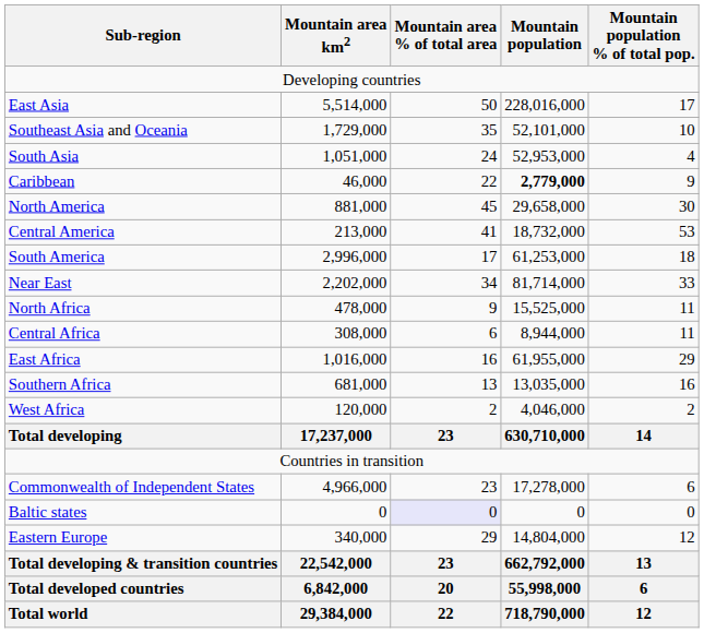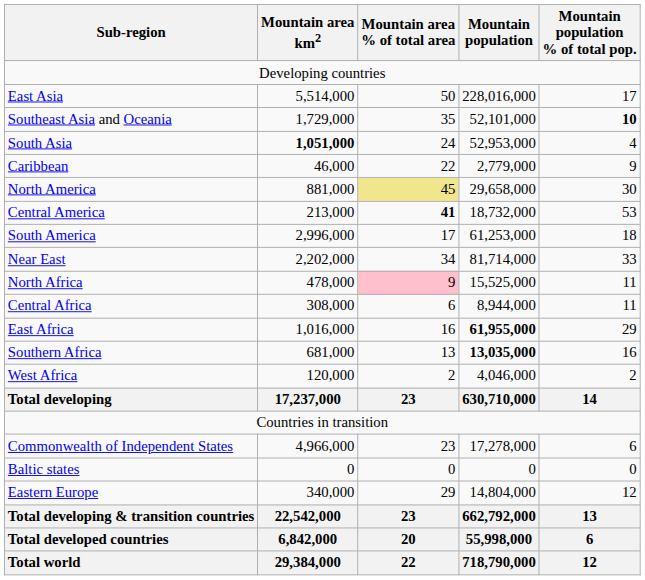 <table class=wikitable style="text-align:right;">
 <tr>
 <th>Sub-region</th>
 <th>Mountain area<br>km<sup>2</sup></th>
 <th>Mountain area <br> % of total area</th>
 <th>Mountain<br>population</th>
 <th>Mountain<br>population<br>% of total pop.</th>
 </tr>
 <tr>
 <td colspan=5 style="text-align:center;">Developing countries</td>
 </tr>
 <tr>
 <td style="text-align:left;"><a href='#'>East Asia</a></td>
 <td>5,514,000</td>
 <td>50</td>
 <td>228,016,000</td>
 <td>17</td>
 </tr>
 <tr>
 <td style="text-align:left;"><a href='#'>Southeast Asia</a> and <a href='#'>Oceania</a></td>
 <td>1,729,000</td>
 <td>35</td>
 <td>52,101,000</td>
-<td>10</td>
+<td><strong>10</strong></td>
 </tr>
 <tr>
 <td style="text-align:left;"><a href='#'>South Asia</a></td>
-<td>1,051,000</td>
+<td><strong>1,051,000</strong></td>
 <td>24</td>
 <td>52,953,000</td>
 <td>4</td>
 </tr>
 <tr>
 <td style="text-align:left;"><a href='#'>Caribbean</a></td>
 <td>46,000</td>
 <td>22</td>
-<td><strong>2,779,000</strong></td>
+<td>2,779,000</td>
 <td>9</td>
 </tr>
 <tr>
 <td style="text-align:left;"><a href='#'>North America</a></td>
 <td>881,000</td>
-<td>45</td>
+<td style="background: khaki;">45</td>
 <td>29,658,000</td>
 <td>30</td>
 </tr>
 <tr>
 <td style="text-align:left;"><a href='#'>Central America</a></td>
 <td>213,000</td>
-<td>41</td>
+<td><strong>41</strong></td>
 <td>18,732,000</td>
 <td>53</td>
 </tr>
 <tr>
 <td style="text-align:left;"><a href='#'>South America</a></td>
 <td>2,996,000</td>
 <td>17</td>
 <td>61,253,000</td>
 <td>18</td>
 </tr>
 <tr>
 <td style="text-align:left;"><a href='#'>Near East</a></td>
 <td>2,202,000</td>
 <td>34</td>
 <td>81,714,000</td>
 <td>33</td>
 </tr>
 <tr>
 <td style="text-align:left;"><a href='#'>North Africa</a></td>
 <td>478,000</td>
-<td>9</td>
+<td style="background: pink;">9</td>
 <td>15,525,000</td>
 <td>11</td>
 </tr>
 <tr>
 <td style="text-align:left;"><a href='#'>Central Africa</a></td>
 <td>308,000</td>
 <td>6</td>
 <td>8,944,000</td>
 <td>11</td>
 </tr>
 <tr>
 <td style="text-align:left;"><a href='#'>East Africa</a></td>
 <td>1,016,000</td>
 <td>16</td>
-<td>61,955,000</td>
+<td><strong>61,955,000</strong></td>
 <td>29</td>
 </tr>
 <tr>
 <td style="text-align:left;"><a href='#'>Southern Africa</a></td>
 <td>681,000</td>
 <td>13</td>
-<td>13,035,000</td>
+<td><strong>13,035,000</strong></td>
 <td>16</td>
 </tr>
 <tr>
 <td style="text-align:left;"><a href='#'>West Africa</a></td>
 <td>120,000</td>
 <td>2</td>
 <td>4,046,000</td>
 <td>2</td>
 </tr>
 <tr>
 <th style="text-align:left;">Total developing</th>
 <th>17,237,000</th>
 <th>23</th>
 <th>630,710,000</th>
 <th>14</th>
 </tr>
 <tr>
 <td colspan=5 style="text-align:center;">Countries in transition</td>
 </tr>
 <tr>
 <td style="text-align:left;"><a href='#'>Commonwealth of Independent States</a></td>
 <td>4,966,000</td>
 <td>23</td>
 <td>17,278,000</td>
 <td>6</td>
 </tr>
 <tr>
 <td style="text-align:left;"><a href='#'>Baltic states</a></td>
 <td>0</td>
-<td style="background: lavender;">0</td>
+<td>0</td>
 <td>0</td>
 <td>0</td>
 </tr>
 <tr>
 <td style="text-align:left;"><a href='#'>Eastern Europe</a></td>
 <td>340,000</td>
 <td>29</td>
 <td>14,804,000</td>
 <td>12</td>
 </tr>
 <tr>
 <th style="text-align:left;">Total developing & transition countries</th>
 <th>22,542,000</th>
 <th>23</th>
 <th>662,792,000</th>
 <th>13</th>
 </tr>
 <tr>
 <th style="text-align:left;">Total developed countries</th>
 <th>6,842,000</th>
 <th>20</th>
 <th>55,998,000</th>
 <th>6</th>
 </tr>
 <tr>
 <th style="text-align:left;">Total world</th>
 <th>29,384,000</th>
 <th>22</th>
 <th>718,790,000</th>
 <th>12</th>
 </tr>
 </table>
